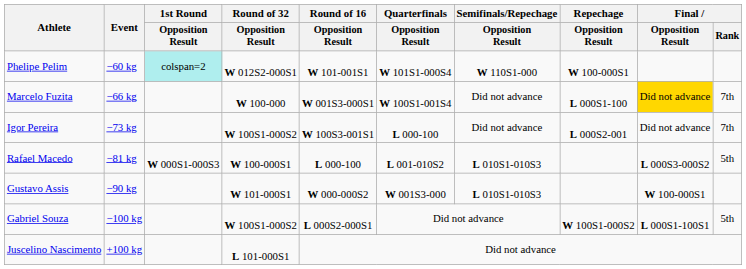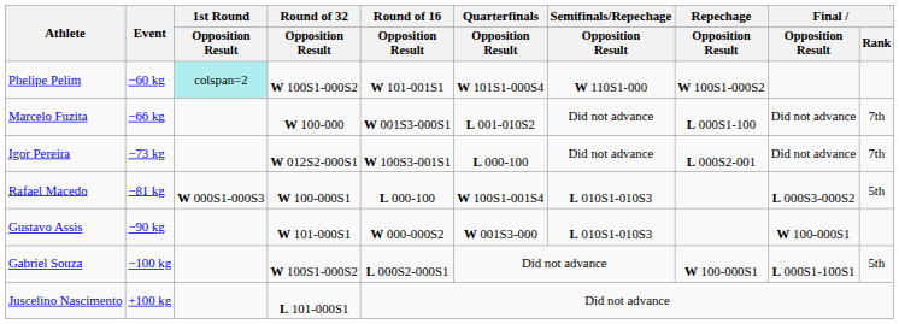 <table class="wikitable" style="font-size:90%">
 <tr>
 <th rowspan=2>Athlete</th>
 <th rowspan=2>Event</th>
 <th>1st Round</th>
 <th>Round of 32</th>
 <th>Round of 16</th>
 <th>Quarterfinals</th>
 <th>Semifinals/Repechage</th>
 <th>Repechage</th>
 <th colspan=2>Final / </th>
 </tr>
 <tr style="font-size:95%">
 <th>Opposition<br>Result</th>
 <th>Opposition<br>Result</th>
 <th>Opposition<br>Result</th>
 <th>Opposition<br>Result</th>
 <th>Opposition<br>Result</th>
 <th>Opposition<br>Result</th>
 <th>Opposition<br>Result</th>
 <th>Rank</th>
 </tr>
 <tr align=center>
 <td align=left><a href='#'>Phelipe Pelim</a></td>
 <td align=left><a href='#'>−60 kg</a></td>
 <td style="background: paleturquoise;">colspan=2 </td>
-<td><br> <strong>W</strong> 012S2-000S1</td>
+<td><br> <strong>W</strong> 100S1-000S2</td>
 <td><br> <strong>W</strong> 101-001S1</td>
 <td><br> <strong>W</strong> 101S1-000S4</td>
 <td><br> <strong>W</strong> 110S1-000</td>
-<td><br> <strong>W</strong> 100-000S1</td>
+<td><br> <strong>W</strong> 100S1-000S2</td>
 <td></td>
 </tr>
 <tr align=center>
 <td align=left><a href='#'>Marcelo Fuzita</a></td>
 <td align=left><a href='#'>−66 kg</a></td>
 <td></td>
 <td><br> <strong>W</strong> 100-000</td>
 <td><br> <strong>W</strong> 001S3-000S1</td>
-<td><br> <strong>W</strong> 100S1-001S4</td>
+<td><br> <strong>L</strong> 001-010S2</td>
 <td>Did not advance</td>
 <td><br> <strong>L</strong> 000S1-100</td>
-<td style="background: gold;">Did not advance</td>
+<td>Did not advance</td>
 <td>7th</td>
 </tr>
 <tr align=center>
 <td align=left><a href='#'>Igor Pereira</a></td>
 <td align=left><a href='#'>−73 kg</a></td>
 <td></td>
-<td><br> <strong>W</strong> 100S1-000S2</td>
+<td><br> <strong>W</strong> 012S2-000S1</td>
 <td><br> <strong>W</strong> 100S3-001S1</td>
 <td><br> <strong>L</strong> 000-100</td>
 <td>Did not advance</td>
 <td><br> <strong>L</strong> 000S2-001</td>
 <td>Did not advance</td>
 <td>7th</td>
 </tr>
 <tr align=center>
 <td align=left><a href='#'>Rafael Macedo</a></td>
 <td align=left><a href='#'>−81 kg</a></td>
 <td><br> <strong>W</strong> 000S1-000S3</td>
 <td><br> <strong>W</strong> 100-000S1</td>
 <td><br> <strong>L</strong> 000-100</td>
-<td><br> <strong>L</strong> 001-010S2</td>
+<td><br> <strong>W</strong> 100S1-001S4</td>
 <td><br> <strong>L</strong> 010S1-010S3</td>
 <td></td>
 <td><br> <strong>L</strong> 000S3-000S2</td>
 <td>5th</td>
 </tr>
 <tr align=center>
 <td align=left><a href='#'>Gustavo Assis</a></td>
 <td align=left><a href='#'>−90 kg</a></td>
 <td></td>
 <td><br> <strong>W</strong> 101-000S1</td>
 <td><br> <strong>W</strong> 000-000S2</td>
 <td><br> <strong>W</strong> 001S3-000</td>
 <td><br> <strong>L</strong> 010S1-010S3</td>
 <td></td>
 <td><br> <strong>W</strong> 100-000S1</td>
 <td></td>
 </tr>
 <tr align=center>
 <td align=left><a href='#'>Gabriel Souza</a></td>
 <td align=left><a href='#'>−100 kg</a></td>
 <td></td>
 <td><br> <strong>W</strong> 100S1-000S2</td>
 <td><br> <strong>L</strong> 000S2-000S1</td>
 <td colspan=2>Did not advance</td>
-<td><br> <strong>W</strong> 100S1-000S2</td>
+<td><br> <strong>W</strong> 100-000S1</td>
 <td><br> <strong>L</strong> 000S1-100S1</td>
 <td>5th</td>
 </tr>
 <tr align=center>
 <td align=left><a href='#'>Juscelino Nascimento</a></td>
 <td align=left><a href='#'>+100 kg</a></td>
 <td></td>
 <td><br> <strong>L</strong> 101-000S1</td>
 <td colspan=7>Did not advance</td>
 </tr>
 </table>
